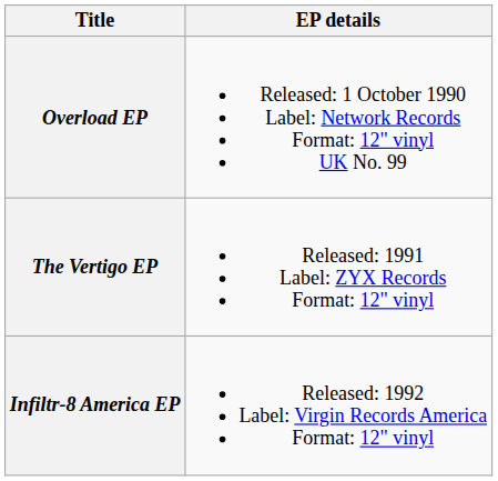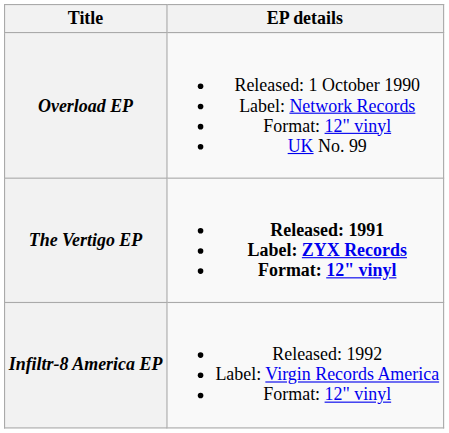 <table class="wikitable plainrowheaders" style="text-align:center;">
 <tr>
 <th scope="col">Title</th>
 <th scope="col">EP details</th>
 </tr>
 <tr>
 <th scope="row"><em>Overload EP</em></th>
 <td><br><ul><li>Released: 1 October 1990</li><li>Label: <a href='#'>Network Records</a></li><li>Format: <a href='#'>12" vinyl</a></li><li><a href='#'>UK</a> No. 99</li></ul></td>
 </tr>
 <tr>
 <th scope="row"><em>The Vertigo EP</em></th>
-<td><br><ul><li>Released: 1991</li><li>Label: <a href='#'>ZYX Records</a></li><li>Format: <a href='#'>12" vinyl</a></li></ul></td>
+<td><strong><br><ul><li>Released: 1991</li><li>Label: <a href='#'>ZYX Records</a></li><li>Format: <a href='#'>12" vinyl</a></li></ul></strong></td>
 </tr>
 <tr>
 <th scope="row"><em>Infiltr-8 America EP</em></th>
 <td><br><ul><li>Released: 1992</li><li>Label: <a href='#'>Virgin Records America</a></li><li>Format: <a href='#'>12" vinyl</a></li></ul></td>
 </tr>
 </table>
